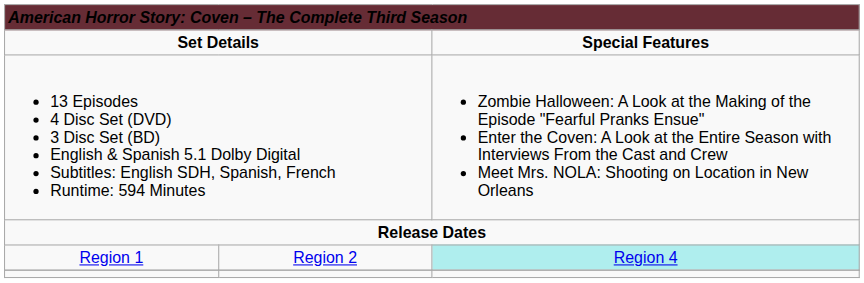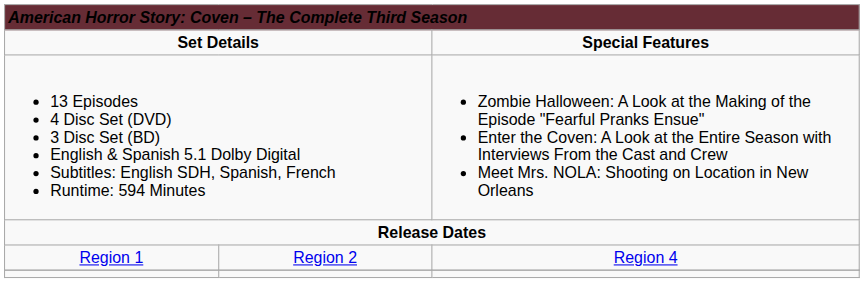 <table class="wikitable" style="font-size: 95%;">
 <tr style="background:#662C35;">
 <td colspan="3"><span> <strong><em>American Horror Story: Coven – The Complete Third Season</em></strong></span></td>
 </tr>
 <tr style="vertical-align:top; text-align:center;">
 <td style="width:400px;" colspan="2"><strong>Set Details</strong></td>
 <td style="width:400px; " colspan="2"><strong>Special Features</strong></td>
 </tr>
 <tr valign="top">
 <td colspan="2"  style="text-align:left; width:400px;"><br><ul><li>13 Episodes</li><li>4 Disc Set (DVD)</li><li>3 Disc Set (BD)</li><li>English & Spanish 5.1 Dolby Digital</li><li>Subtitles: English SDH, Spanish, French</li><li>Runtime: 594 Minutes</li></ul></td>
 <td colspan="3"  style="text-align:left; width:400px;"><br><ul><li>Zombie Halloween: A Look at the Making of the Episode "Fearful Pranks Ensue"</li><li>Enter the Coven: A Look at the Entire Season with Interviews From the Cast and Crew</li><li>Meet Mrs. NOLA: Shooting on Location in New Orleans</li></ul></td>
 </tr>
 <tr>
 <td colspan="3" style="text-align:center;"><strong>Release Dates</strong></td>
 </tr>
 <tr>
 <td style="text-align:center;"><a href='#'>Region 1</a></td>
 <td style="text-align:center;"><a href='#'>Region 2</a></td>
-<td style="background: paleturquoise; text-align:center;"><a href='#'>Region 4</a></td>
+<td style="text-align:center;"><a href='#'>Region 4</a></td>
 </tr>
 <tr style="text-align:center;">
 </tr>
 <tr style="text-align:center;">
 </tr>
 <tr>
 <td colspan="1"></td>
 <td colspan="1"></td>
 <td colspan="1"></td>
 </tr>
 </table>
